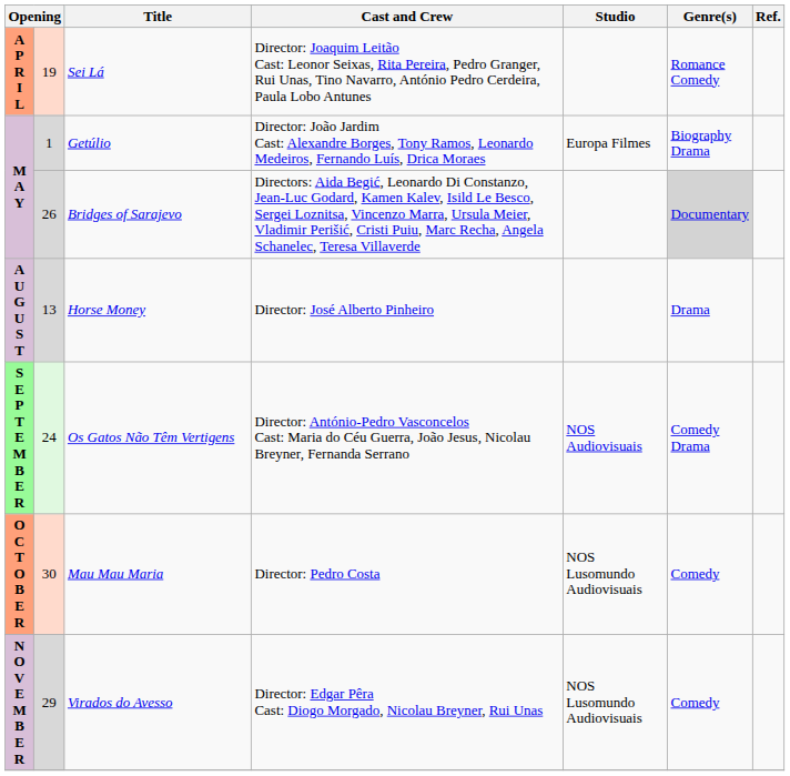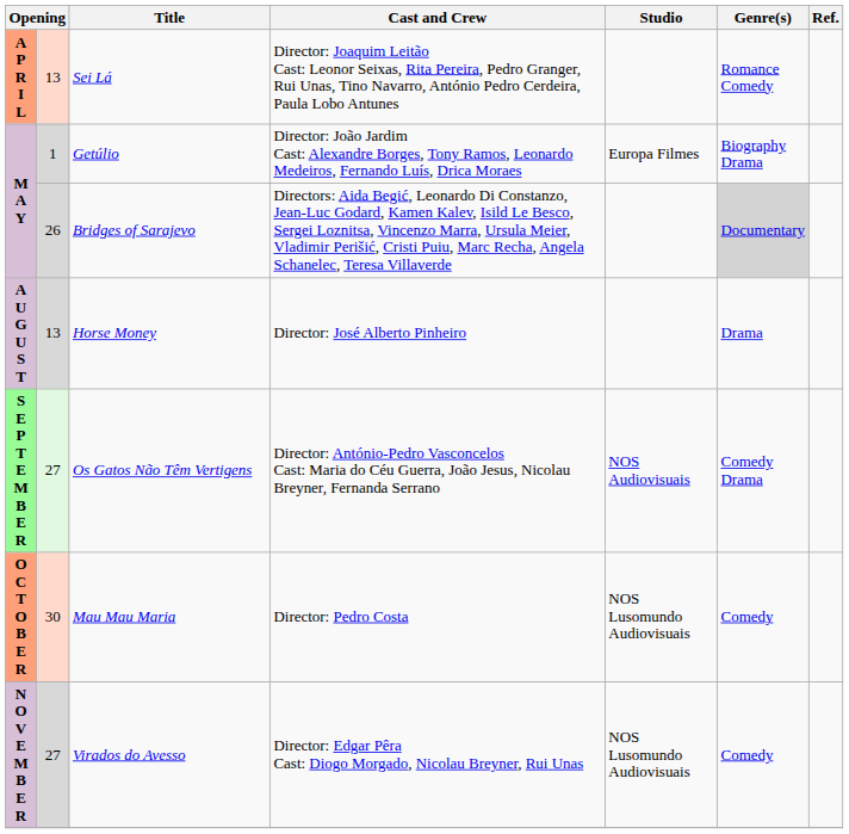 <table class="wikitable">
 <tr style="background:#b0e0e6; text-align:center;">
 <th colspan="2">Opening</th>
 <th style="width:24%;">Title</th>
 <th style="width:40%;">Cast and Crew</th>
 <th>Studio</th>
 <th style="width:10%;">Genre(s)</th>
 <th style="width:2%;">Ref.</th>
 </tr>
 <tr>
 <th rowspan="1" style="text-align:center; background:#ffa07a; textcolor:#000;">A<br>P<br>R<br>I<br>L</th>
-<td rowspan="1" style="text-align:center; background:#ffdacc;">19</td>
+<td rowspan="1" style="text-align:center; background:#ffdacc;">13</td>
 <td><em><a href='#'>Sei Lá</a></em></td>
 <td>Director: <a href='#'>Joaquim Leitão</a> <br> Cast: Leonor Seixas, <a href='#'>Rita Pereira</a>, Pedro Granger, Rui Unas, Tino Navarro, António Pedro Cerdeira, Paula Lobo Antunes</td>
 <td></td>
 <td><a href='#'>Romance</a> <br> <a href='#'>Comedy</a></td>
 <td style="text-align:center"></td>
 </tr>
 <tr>
 <th rowspan="2" style="text-align:center; background:thistle; textcolor:#000;">M<br>A<br>Y</th>
 <td rowspan="1" style="text-align:center; background:#d8d8d8;">1</td>
 <td><em><a href='#'>Getúlio</a></em></td>
 <td>Director: João Jardim <br> Cast: <a href='#'>Alexandre Borges</a>, <a href='#'>Tony Ramos</a>, <a href='#'>Leonardo Medeiros</a>, <a href='#'>Fernando Luís</a>, <a href='#'>Drica Moraes</a></td>
 <td>Europa Filmes</td>
 <td><a href='#'>Biography</a> <br> <a href='#'>Drama</a></td>
 <td style="text-align:center"></td>
 </tr>
 <tr>
 <td rowspan="1" style="text-align:center; background:#d8d8d8;">26</td>
 <td><em><a href='#'>Bridges of Sarajevo</a></em></td>
 <td>Directors: <a href='#'>Aida Begić</a>, Leonardo Di Constanzo, <a href='#'>Jean-Luc Godard</a>, <a href='#'>Kamen Kalev</a>, <a href='#'>Isild Le Besco</a>, <a href='#'>Sergei Loznitsa</a>, <a href='#'>Vincenzo Marra</a>, <a href='#'>Ursula Meier</a>, <a href='#'>Vladimir Perišić</a>, <a href='#'>Cristi Puiu</a>, <a href='#'>Marc Recha</a>, <a href='#'>Angela Schanelec</a>, <a href='#'>Teresa Villaverde</a></td>
 <td></td>
 <td style="background: lightgrey;"><a href='#'>Documentary</a></td>
 <td style="text-align:center"></td>
 </tr>
 <tr>
 <th rowspan="1" style="text-align:center; background:thistle; textcolor:#000;">A<br>U<br>G<br>U<br>S<br>T</th>
 <td rowspan="1" style="text-align:center; background:#d8d8d8;">13</td>
 <td><em><a href='#'>Horse Money</a></em></td>
 <td>Director: <a href='#'>José Alberto Pinheiro</a></td>
 <td></td>
 <td><a href='#'>Drama</a></td>
 <td style="text-align:center"></td>
 </tr>
 <tr>
 <th rowspan="1" style="text-align:center; background:#98fb98; textcolor:#000;">S<br>E<br>P<br>T<br>E<br>M<br>B<br>E<br>R</th>
-<td rowspan="1" style="text-align:center; background:#e0f9e0;">24</td>
+<td rowspan="1" style="text-align:center; background:#e0f9e0;">27</td>
 <td><em><a href='#'>Os Gatos Não Têm Vertigens</a></em></td>
 <td>Director: <a href='#'>António-Pedro Vasconcelos</a> <br> Cast: Maria do Céu Guerra, João Jesus, Nicolau Breyner, Fernanda Serrano</td>
 <td><a href='#'>NOS Audiovisuais</a></td>
 <td><a href='#'>Comedy</a> <br> <a href='#'>Drama</a></td>
 <td style="text-align:center"></td>
 </tr>
 <tr>
 <th rowspan="1" style="text-align:center; background:#ffa07a; textcolor:#000;">O<br>C<br>T<br>O<br>B<br>E<br>R</th>
 <td rowspan="1" style="text-align:center; background:#ffdacc;">30</td>
 <td><em><a href='#'>Mau Mau Maria</a></em></td>
 <td>Director: <a href='#'>Pedro Costa</a></td>
 <td>NOS Lusomundo Audiovisuais</td>
 <td><a href='#'>Comedy</a></td>
 <td style="text-align:center"></td>
 </tr>
 <tr>
 <th rowspan="1" style="text-align:center; background:thistle; textcolor:#000;">N<br>O<br>V<br>E<br>M<br>B<br>E<br>R</th>
-<td rowspan="1" style="text-align:center; background:#d8d8d8;">29</td>
+<td rowspan="1" style="text-align:center; background:#d8d8d8;">27</td>
 <td><em><a href='#'>Virados do Avesso</a></em></td>
 <td>Director: <a href='#'>Edgar Pêra</a> <br> Cast: <a href='#'>Diogo Morgado</a>, <a href='#'>Nicolau Breyner</a>, <a href='#'>Rui Unas</a></td>
 <td>NOS Lusomundo Audiovisuais</td>
 <td><a href='#'>Comedy</a></td>
 <td style="text-align:center"></td>
 </tr>
 <tr>
 </tr>
 </table>
